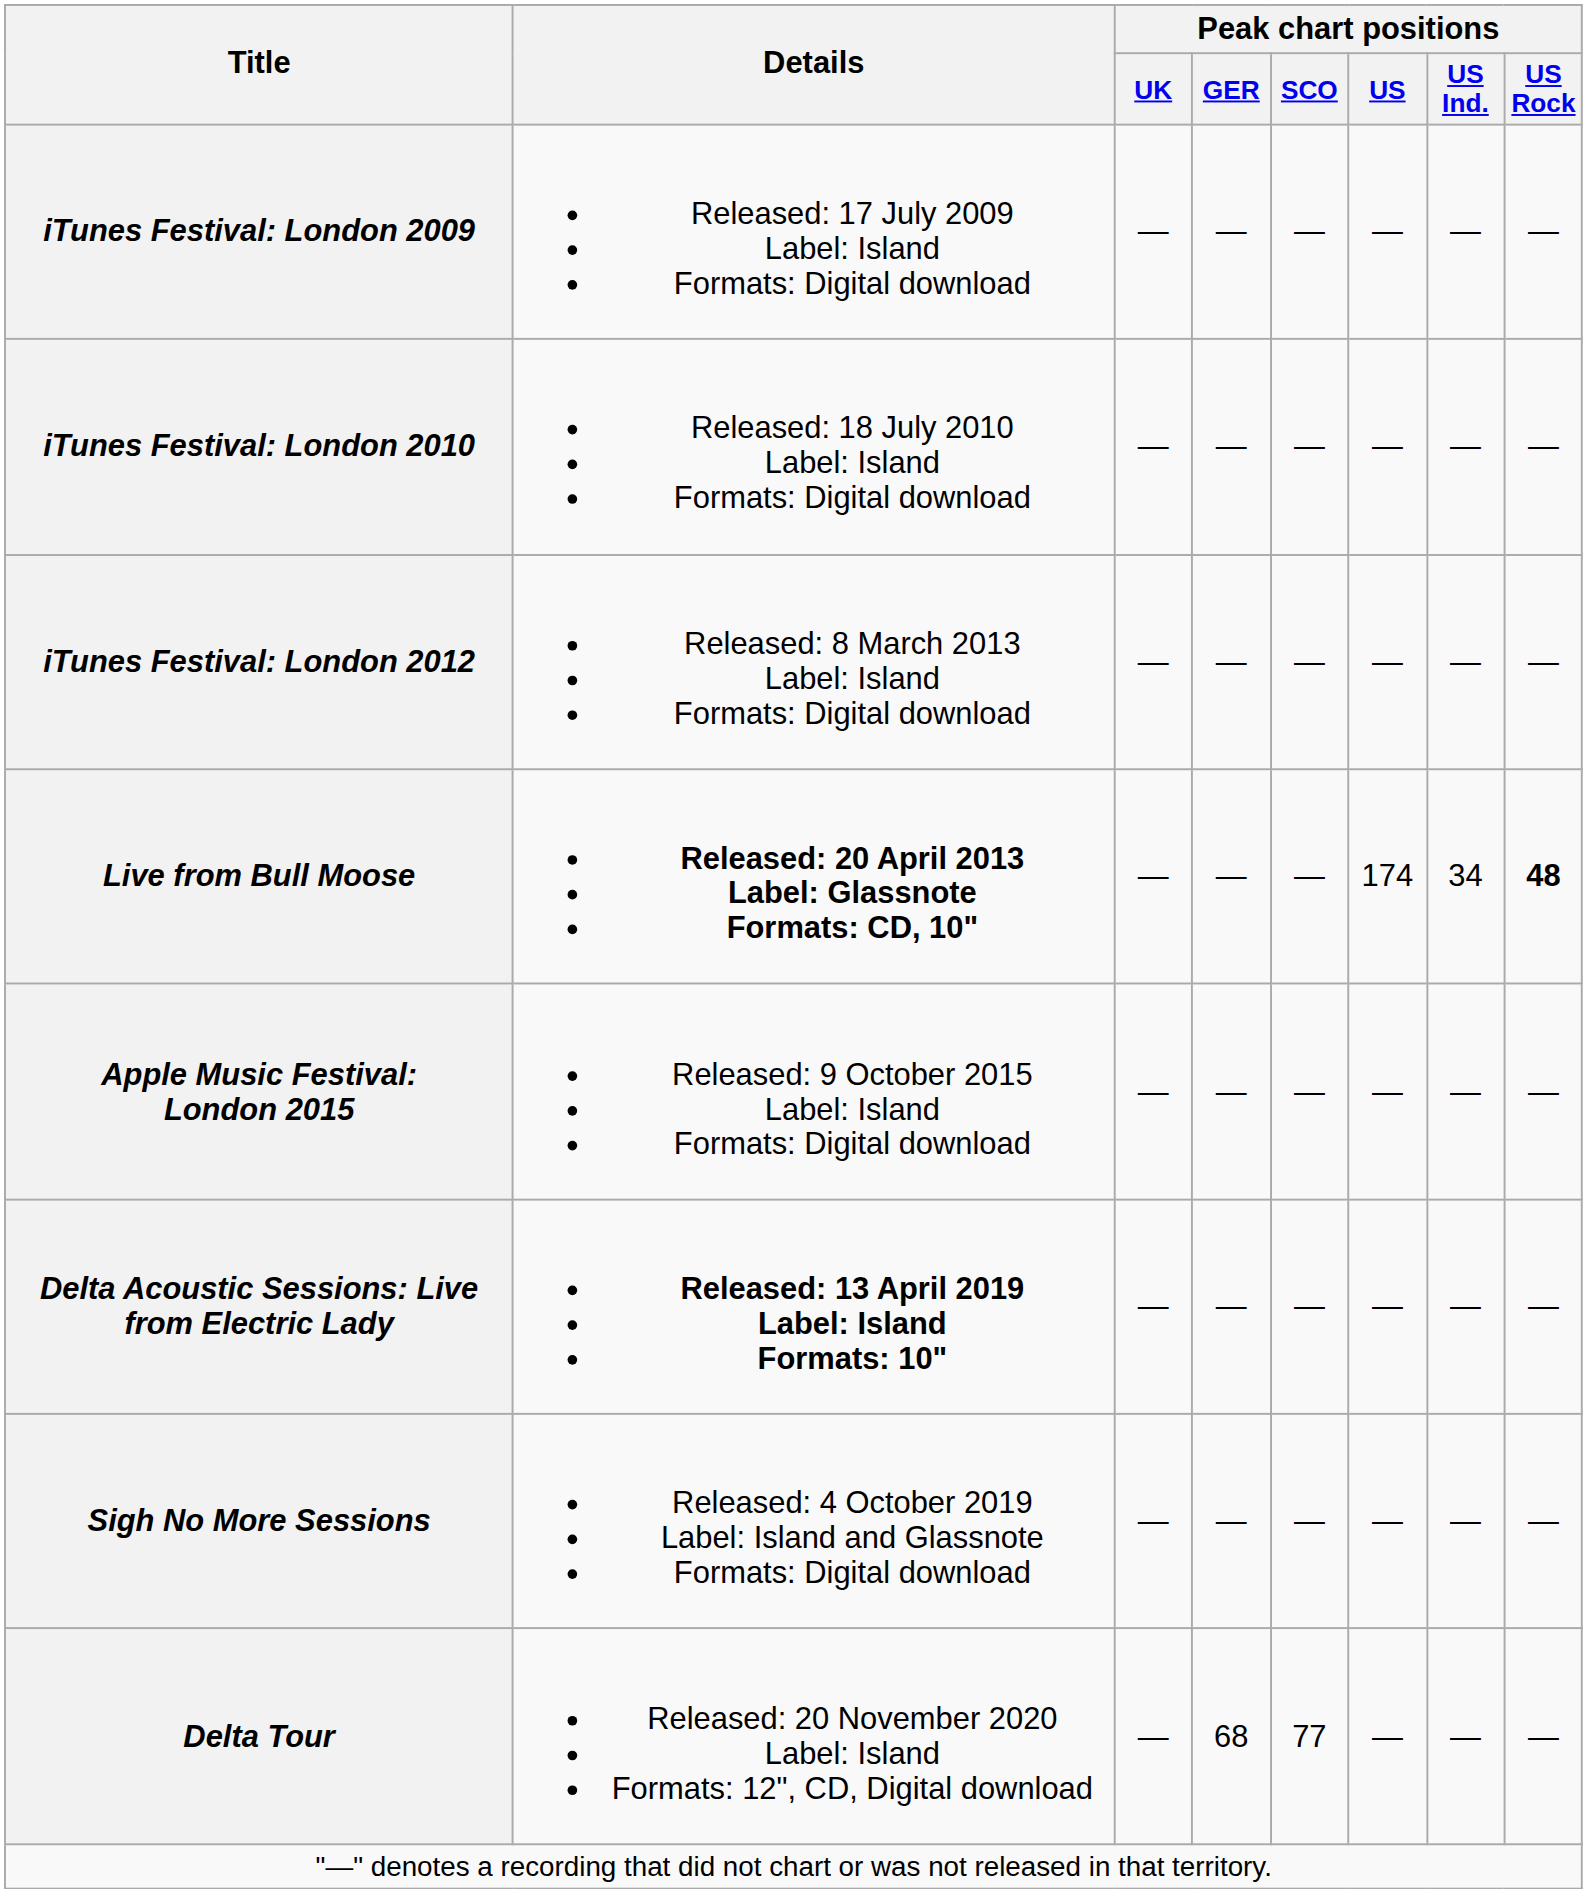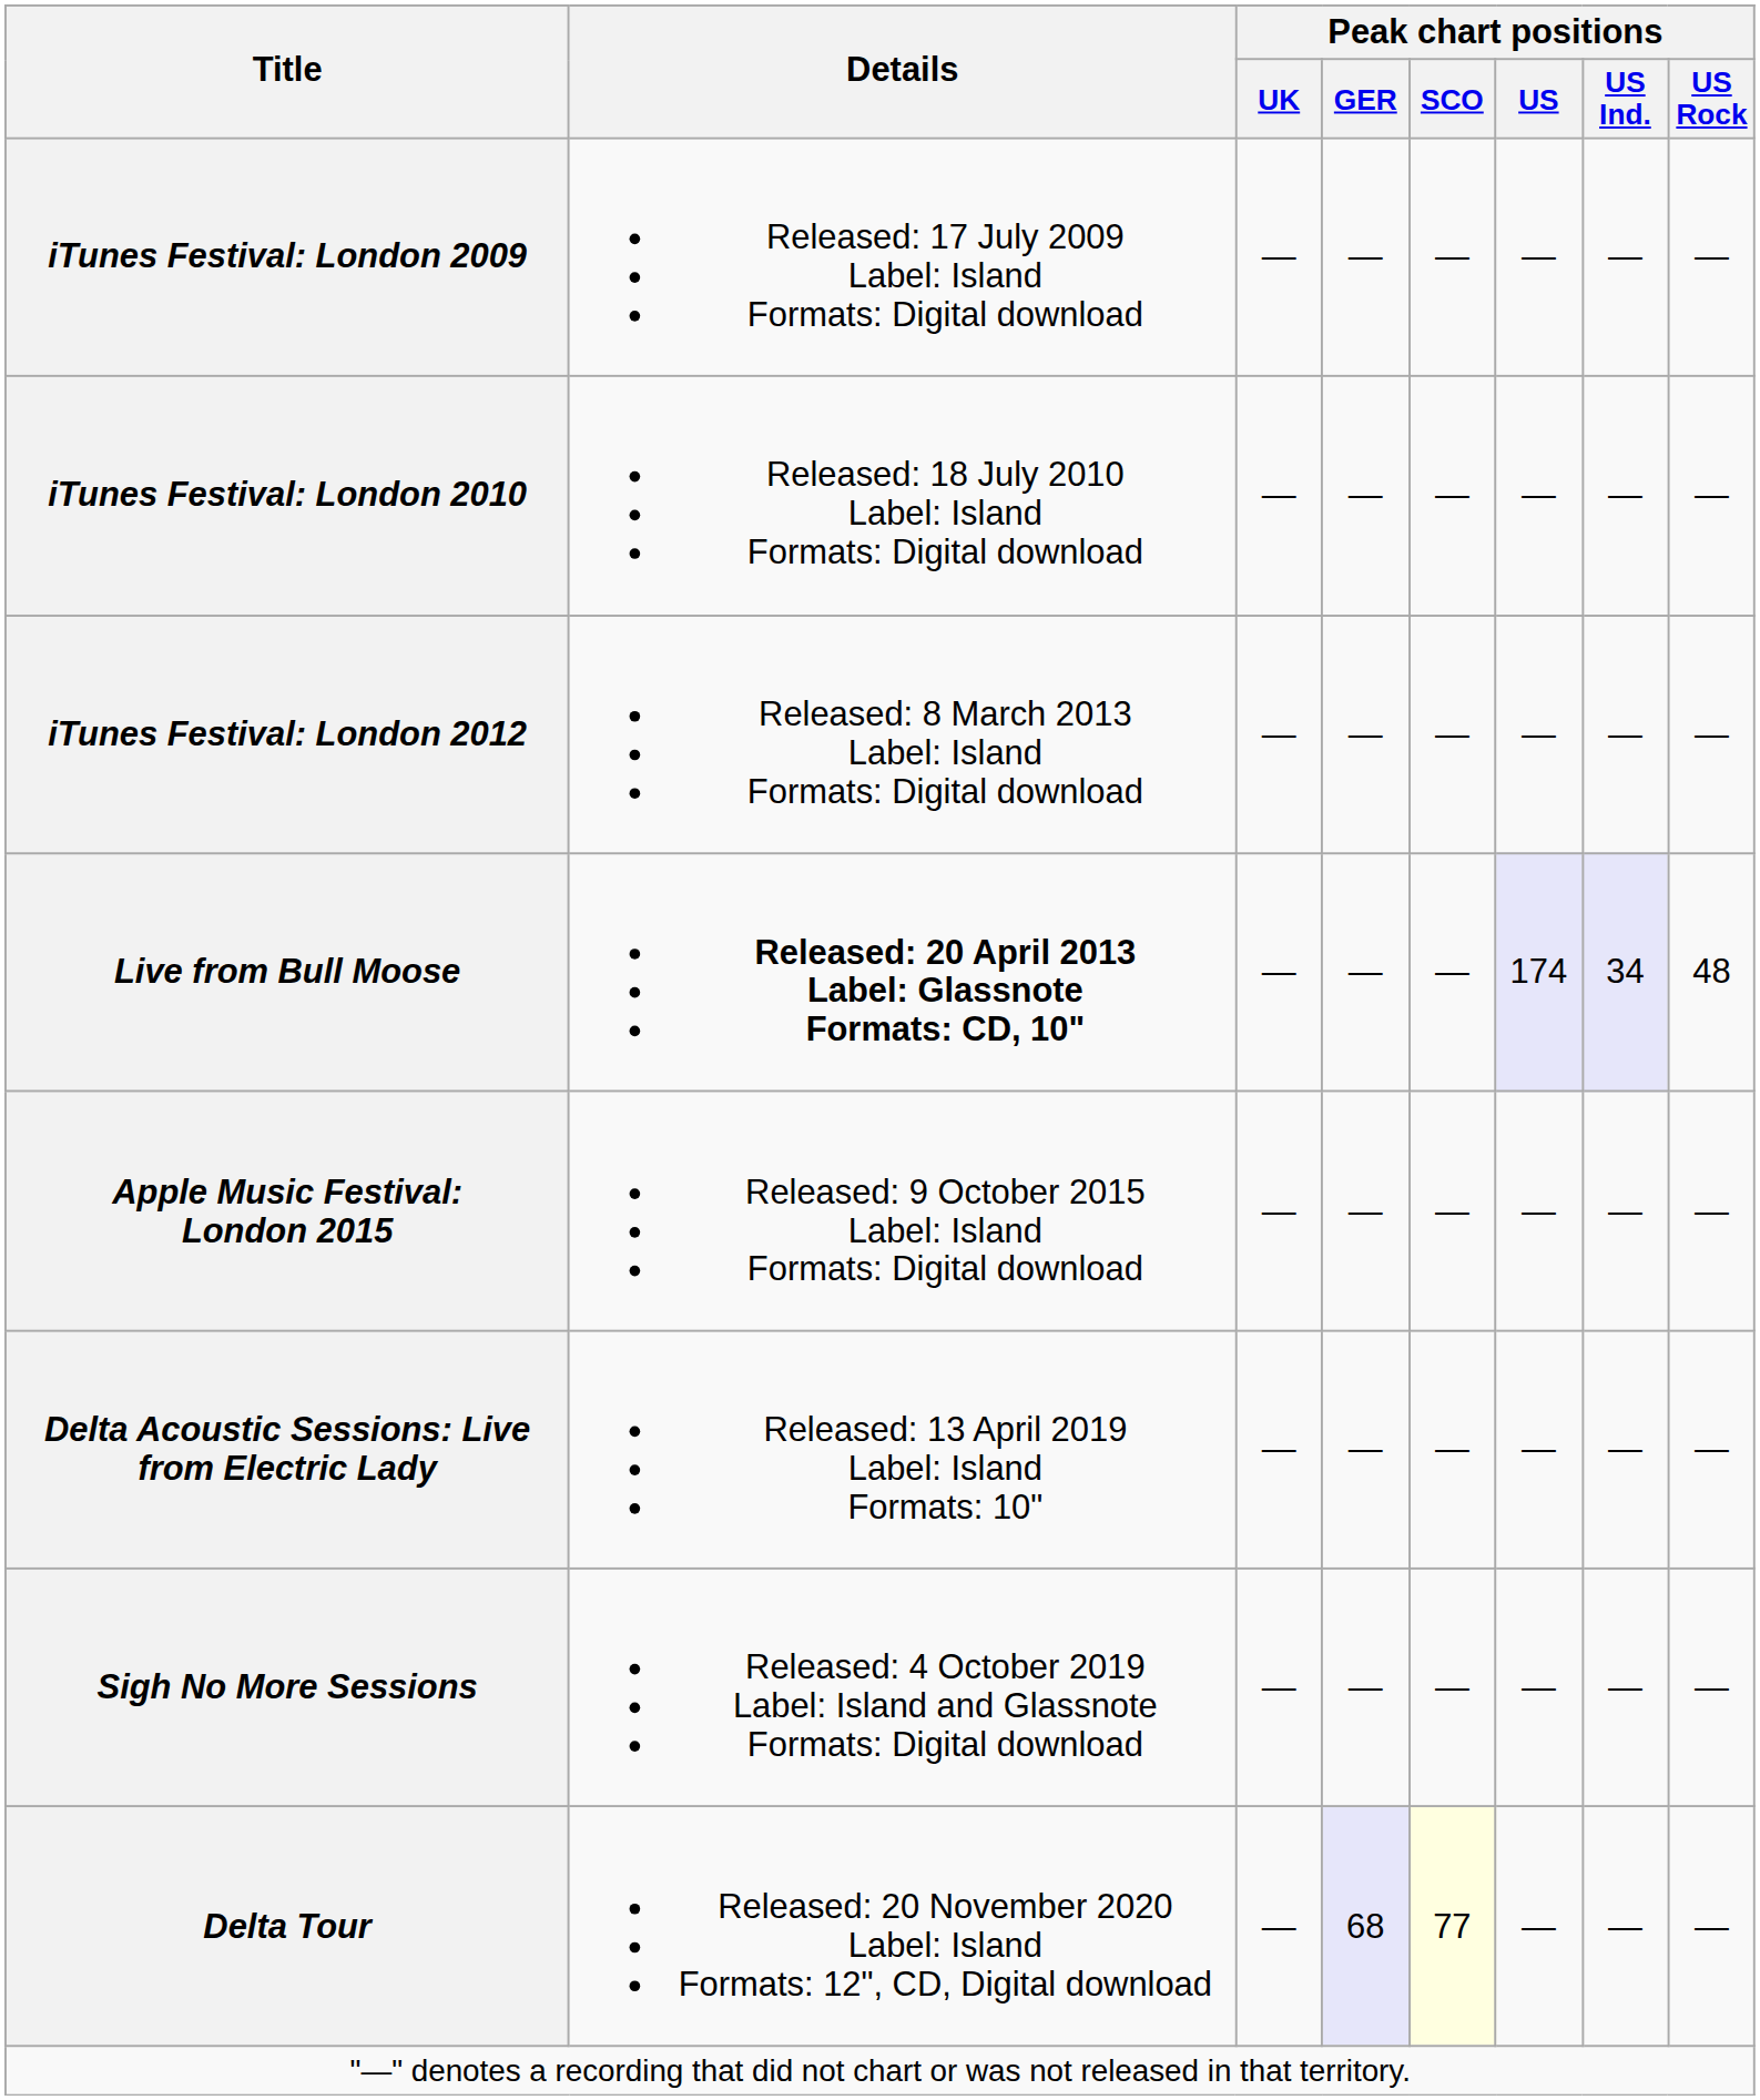 <table class="wikitable plainrowheaders" style="text-align:center;">
 <tr>
 <th scope="col" rowspan="2" style="width:16em;">Title</th>
 <th scope="col" rowspan="2" style="width:19em;">Details</th>
 <th scope="col" colspan="6">Peak chart positions</th>
 </tr>
 <tr>
 <th scope="col" style="width:2.5em;font-size:85%;"><a href='#'>UK</a><br></th>
 <th scope="col" style="width:2.5em;font-size:85%;"><a href='#'>GER</a><br></th>
 <th scope="col" style="width:2.5em;font-size:85%;"><a href='#'>SCO</a><br></th>
 <th scope="col" style="width:2.5em;font-size:85%;"><a href='#'>US</a><br></th>
 <th scope="col" style="width:2.5em;font-size:85%;"><a href='#'>US<br>Ind.</a><br></th>
 <th scope="col" style="width:2.5em;font-size:85%;"><a href='#'>US<br>Rock</a><br></th>
 </tr>
 <tr>
 <th scope="row"><em>iTunes Festival: London 2009</em></th>
 <td><br><ul><li>Released: 17 July 2009</li><li>Label: Island</li><li>Formats: Digital download</li></ul></td>
 <td>—</td>
 <td>—</td>
 <td>—</td>
 <td>—</td>
 <td>—</td>
 <td>—</td>
 </tr>
 <tr>
 <th scope="row"><em>iTunes Festival: London 2010</em><br></th>
 <td><br><ul><li>Released: 18 July 2010</li><li>Label: Island</li><li>Formats: Digital download</li></ul></td>
 <td>—</td>
 <td>—</td>
 <td>—</td>
 <td>—</td>
 <td>—</td>
 <td>—</td>
 </tr>
 <tr>
 <th scope="row"><em>iTunes Festival: London 2012</em></th>
 <td><br><ul><li>Released: 8 March 2013</li><li>Label: Island</li><li>Formats: Digital download</li></ul></td>
 <td>—</td>
 <td>—</td>
 <td>—</td>
 <td>—</td>
 <td>—</td>
 <td>—</td>
 </tr>
 <tr>
 <th scope="row"><em>Live from Bull Moose</em></th>
 <td><strong><br><ul><li>Released: 20 April 2013</li><li>Label: Glassnote</li><li>Formats: CD, 10"</li></ul></strong></td>
 <td>—</td>
 <td>—</td>
 <td>—</td>
-<td>174</td>
-<td>34</td>
-<td><strong>48</strong></td>
+<td style="background: lavender;">174</td>
+<td style="background: lavender;">34</td>
+<td>48</td>
 </tr>
 <tr>
 <th scope="row"><em>Apple Music Festival:<br>London 2015</em></th>
 <td><br><ul><li>Released: 9 October 2015</li><li>Label: Island</li><li>Formats: Digital download</li></ul></td>
 <td>—</td>
 <td>—</td>
 <td>—</td>
 <td>—</td>
 <td>—</td>
 <td>—</td>
 </tr>
 <tr>
 <th scope="row"><em>Delta Acoustic Sessions: Live from Electric Lady</em></th>
-<td><strong><br><ul><li>Released: 13 April 2019</li><li>Label: Island</li><li>Formats: 10"</li></ul></strong></td>
+<td><br><ul><li>Released: 13 April 2019</li><li>Label: Island</li><li>Formats: 10"</li></ul></td>
 <td>—</td>
 <td>—</td>
 <td>—</td>
 <td>—</td>
 <td>—</td>
 <td>—</td>
 </tr>
 <tr>
 <th scope="row"><em>Sigh No More Sessions</em></th>
 <td><br><ul><li>Released: 4 October 2019</li><li>Label: Island and Glassnote</li><li>Formats: Digital download</li></ul></td>
 <td>—</td>
 <td>—</td>
 <td>—</td>
 <td>—</td>
 <td>—</td>
 <td>—</td>
 </tr>
 <tr>
 <th scope="row"><em>Delta Tour</em></th>
 <td><br><ul><li>Released: 20 November 2020</li><li>Label: Island</li><li>Formats: 12", CD, Digital download</li></ul></td>
 <td>—</td>
-<td>68</td>
-<td>77</td>
+<td style="background: lavender;">68</td>
+<td style="background: lightyellow;">77</td>
 <td>—</td>
 <td>—</td>
 <td>—</td>
 </tr>
 <tr>
 <td colspan="10" style="font-size:90%">"—" denotes a recording that did not chart or was not released in that territory.</td>
 </tr>
 </table>
